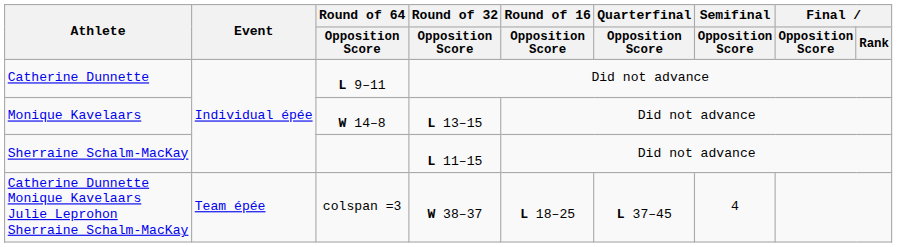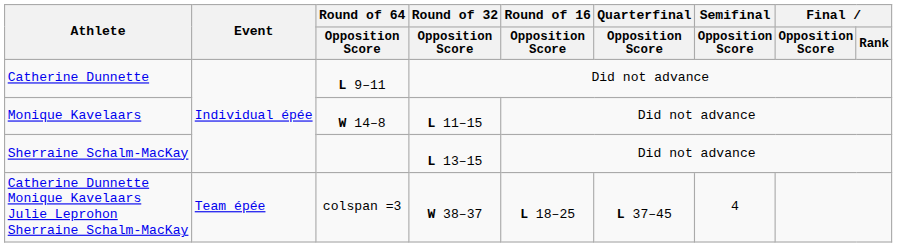 <table class="wikitable" style="font-size:90%">
 <tr>
 <th rowspan="2">Athlete</th>
 <th rowspan="2">Event</th>
 <th>Round of 64</th>
 <th>Round of 32</th>
 <th>Round of 16</th>
 <th>Quarterfinal</th>
 <th>Semifinal</th>
 <th colspan=2>Final / </th>
 </tr>
 <tr style="font-size:95%">
 <th>Opposition <br> Score</th>
 <th>Opposition <br> Score</th>
 <th>Opposition <br> Score</th>
 <th>Opposition <br> Score</th>
 <th>Opposition <br> Score</th>
 <th>Opposition <br> Score</th>
 <th>Rank</th>
 </tr>
 <tr align=center>
 <td align=left><a href='#'>Catherine Dunnette</a></td>
 <td align=left rowspan=3><a href='#'>Individual épée</a></td>
 <td><br><strong>L</strong> 9–11</td>
 <td colspan=6>Did not advance</td>
 </tr>
 <tr align=center>
 <td align=left><a href='#'>Monique Kavelaars</a></td>
 <td><br><strong>W</strong> 14–8</td>
-<td><br><strong>L</strong> 13–15</td>
+<td><br><strong>L</strong> 11–15</td>
 <td colspan=5>Did not advance</td>
 </tr>
 <tr align=center>
 <td align=left><a href='#'>Sherraine Schalm-MacKay</a></td>
 <td></td>
-<td><br><strong>L</strong> 11–15</td>
+<td><br><strong>L</strong> 13–15</td>
 <td colspan=5>Did not advance</td>
 </tr>
 <tr align=center>
 <td align=left><a href='#'>Catherine Dunnette</a><br><a href='#'>Monique Kavelaars</a><br><a href='#'>Julie Leprohon</a><br><a href='#'>Sherraine Schalm-MacKay</a></td>
 <td align=left><a href='#'>Team épée</a></td>
 <td>colspan =3 </td>
 <td><br><strong>W</strong> 38–37</td>
 <td><br><strong>L</strong> 18–25</td>
 <td><br><strong>L</strong> 37–45</td>
 <td>4</td>
 </tr>
 </table>
